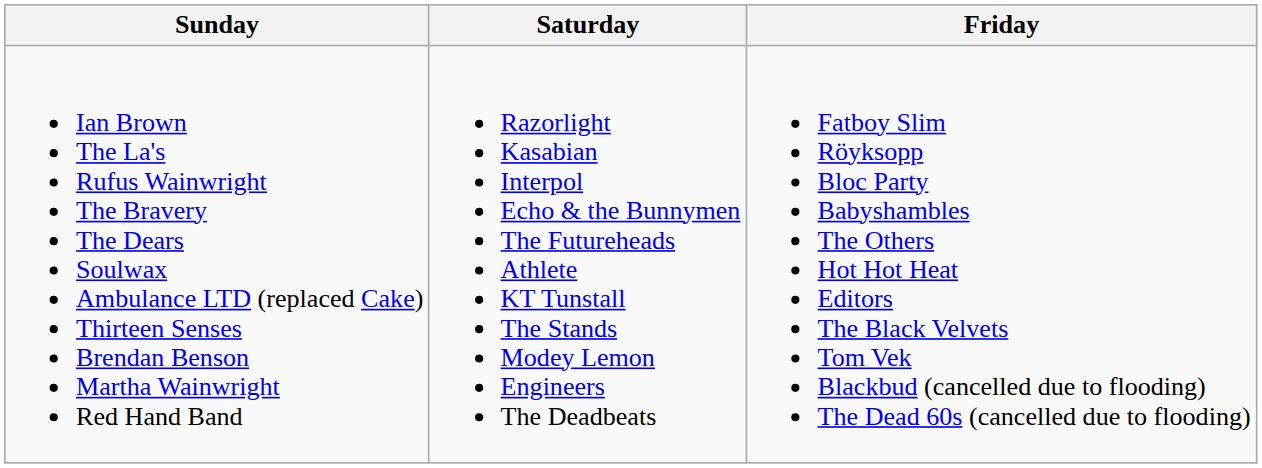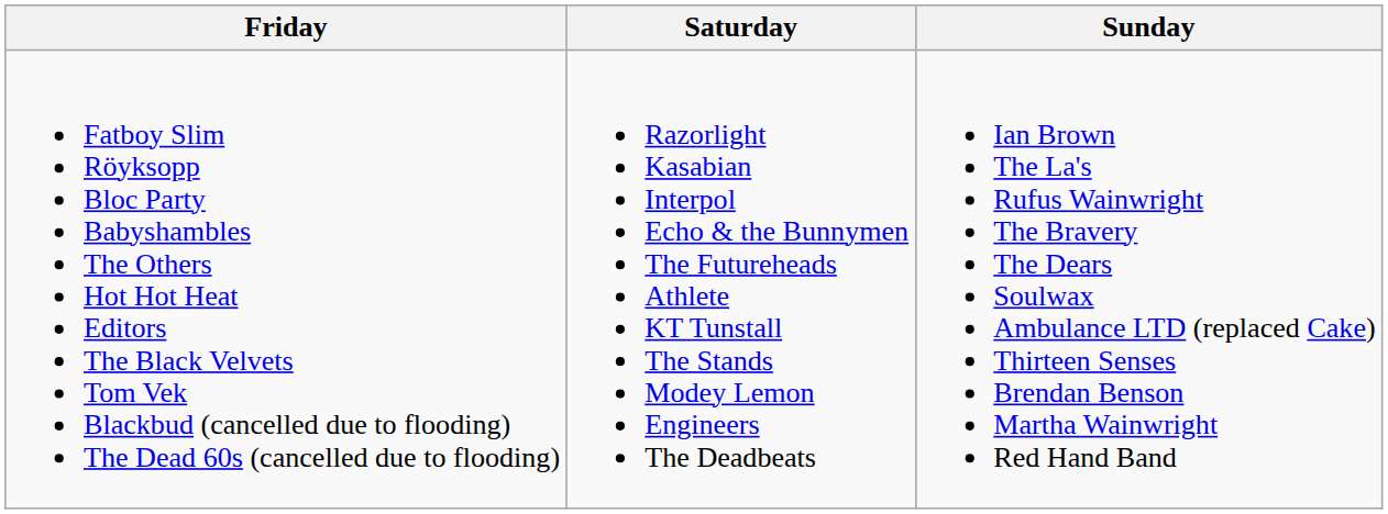 <table class="wikitable">
 <tr>
+<th>Friday</th>
+<th>Saturday</th>
 <th>Sunday</th>
-<th>Saturday</th>
-<th>Friday</th>
 </tr>
 <tr valign="top">
+<td><br><ul><li><a href='#'>Fatboy Slim</a></li><li><a href='#'>Röyksopp</a></li><li><a href='#'>Bloc Party</a></li><li><a href='#'>Babyshambles</a></li><li><a href='#'>The Others</a></li><li><a href='#'>Hot Hot Heat</a></li><li><a href='#'>Editors</a></li><li><a href='#'>The Black Velvets</a></li><li><a href='#'>Tom Vek</a></li><li><a href='#'>Blackbud</a> (cancelled due to flooding)</li><li><a href='#'>The Dead 60s</a> (cancelled due to flooding)</li></ul></td>
+<td><br><ul><li><a href='#'>Razorlight</a></li><li><a href='#'>Kasabian</a></li><li><a href='#'>Interpol</a></li><li><a href='#'>Echo & the Bunnymen</a></li><li><a href='#'>The Futureheads</a></li><li><a href='#'>Athlete</a></li><li><a href='#'>KT Tunstall</a></li><li><a href='#'>The Stands</a></li><li><a href='#'>Modey Lemon</a></li><li><a href='#'>Engineers</a></li><li>The Deadbeats</li></ul></td>
 <td><br><ul><li><a href='#'>Ian Brown</a></li><li><a href='#'>The La's</a></li><li><a href='#'>Rufus Wainwright</a></li><li><a href='#'>The Bravery</a></li><li><a href='#'>The Dears</a></li><li><a href='#'>Soulwax</a></li><li><a href='#'>Ambulance LTD</a> (replaced <a href='#'>Cake</a>)</li><li><a href='#'>Thirteen Senses</a></li><li><a href='#'>Brendan Benson</a></li><li><a href='#'>Martha Wainwright</a></li><li>Red Hand Band</li></ul></td>
-<td><br><ul><li><a href='#'>Razorlight</a></li><li><a href='#'>Kasabian</a></li><li><a href='#'>Interpol</a></li><li><a href='#'>Echo & the Bunnymen</a></li><li><a href='#'>The Futureheads</a></li><li><a href='#'>Athlete</a></li><li><a href='#'>KT Tunstall</a></li><li><a href='#'>The Stands</a></li><li><a href='#'>Modey Lemon</a></li><li><a href='#'>Engineers</a></li><li>The Deadbeats</li></ul></td>
-<td><br><ul><li><a href='#'>Fatboy Slim</a></li><li><a href='#'>Röyksopp</a></li><li><a href='#'>Bloc Party</a></li><li><a href='#'>Babyshambles</a></li><li><a href='#'>The Others</a></li><li><a href='#'>Hot Hot Heat</a></li><li><a href='#'>Editors</a></li><li><a href='#'>The Black Velvets</a></li><li><a href='#'>Tom Vek</a></li><li><a href='#'>Blackbud</a> (cancelled due to flooding)</li><li><a href='#'>The Dead 60s</a> (cancelled due to flooding)</li></ul></td>
 </tr>
 </table>
